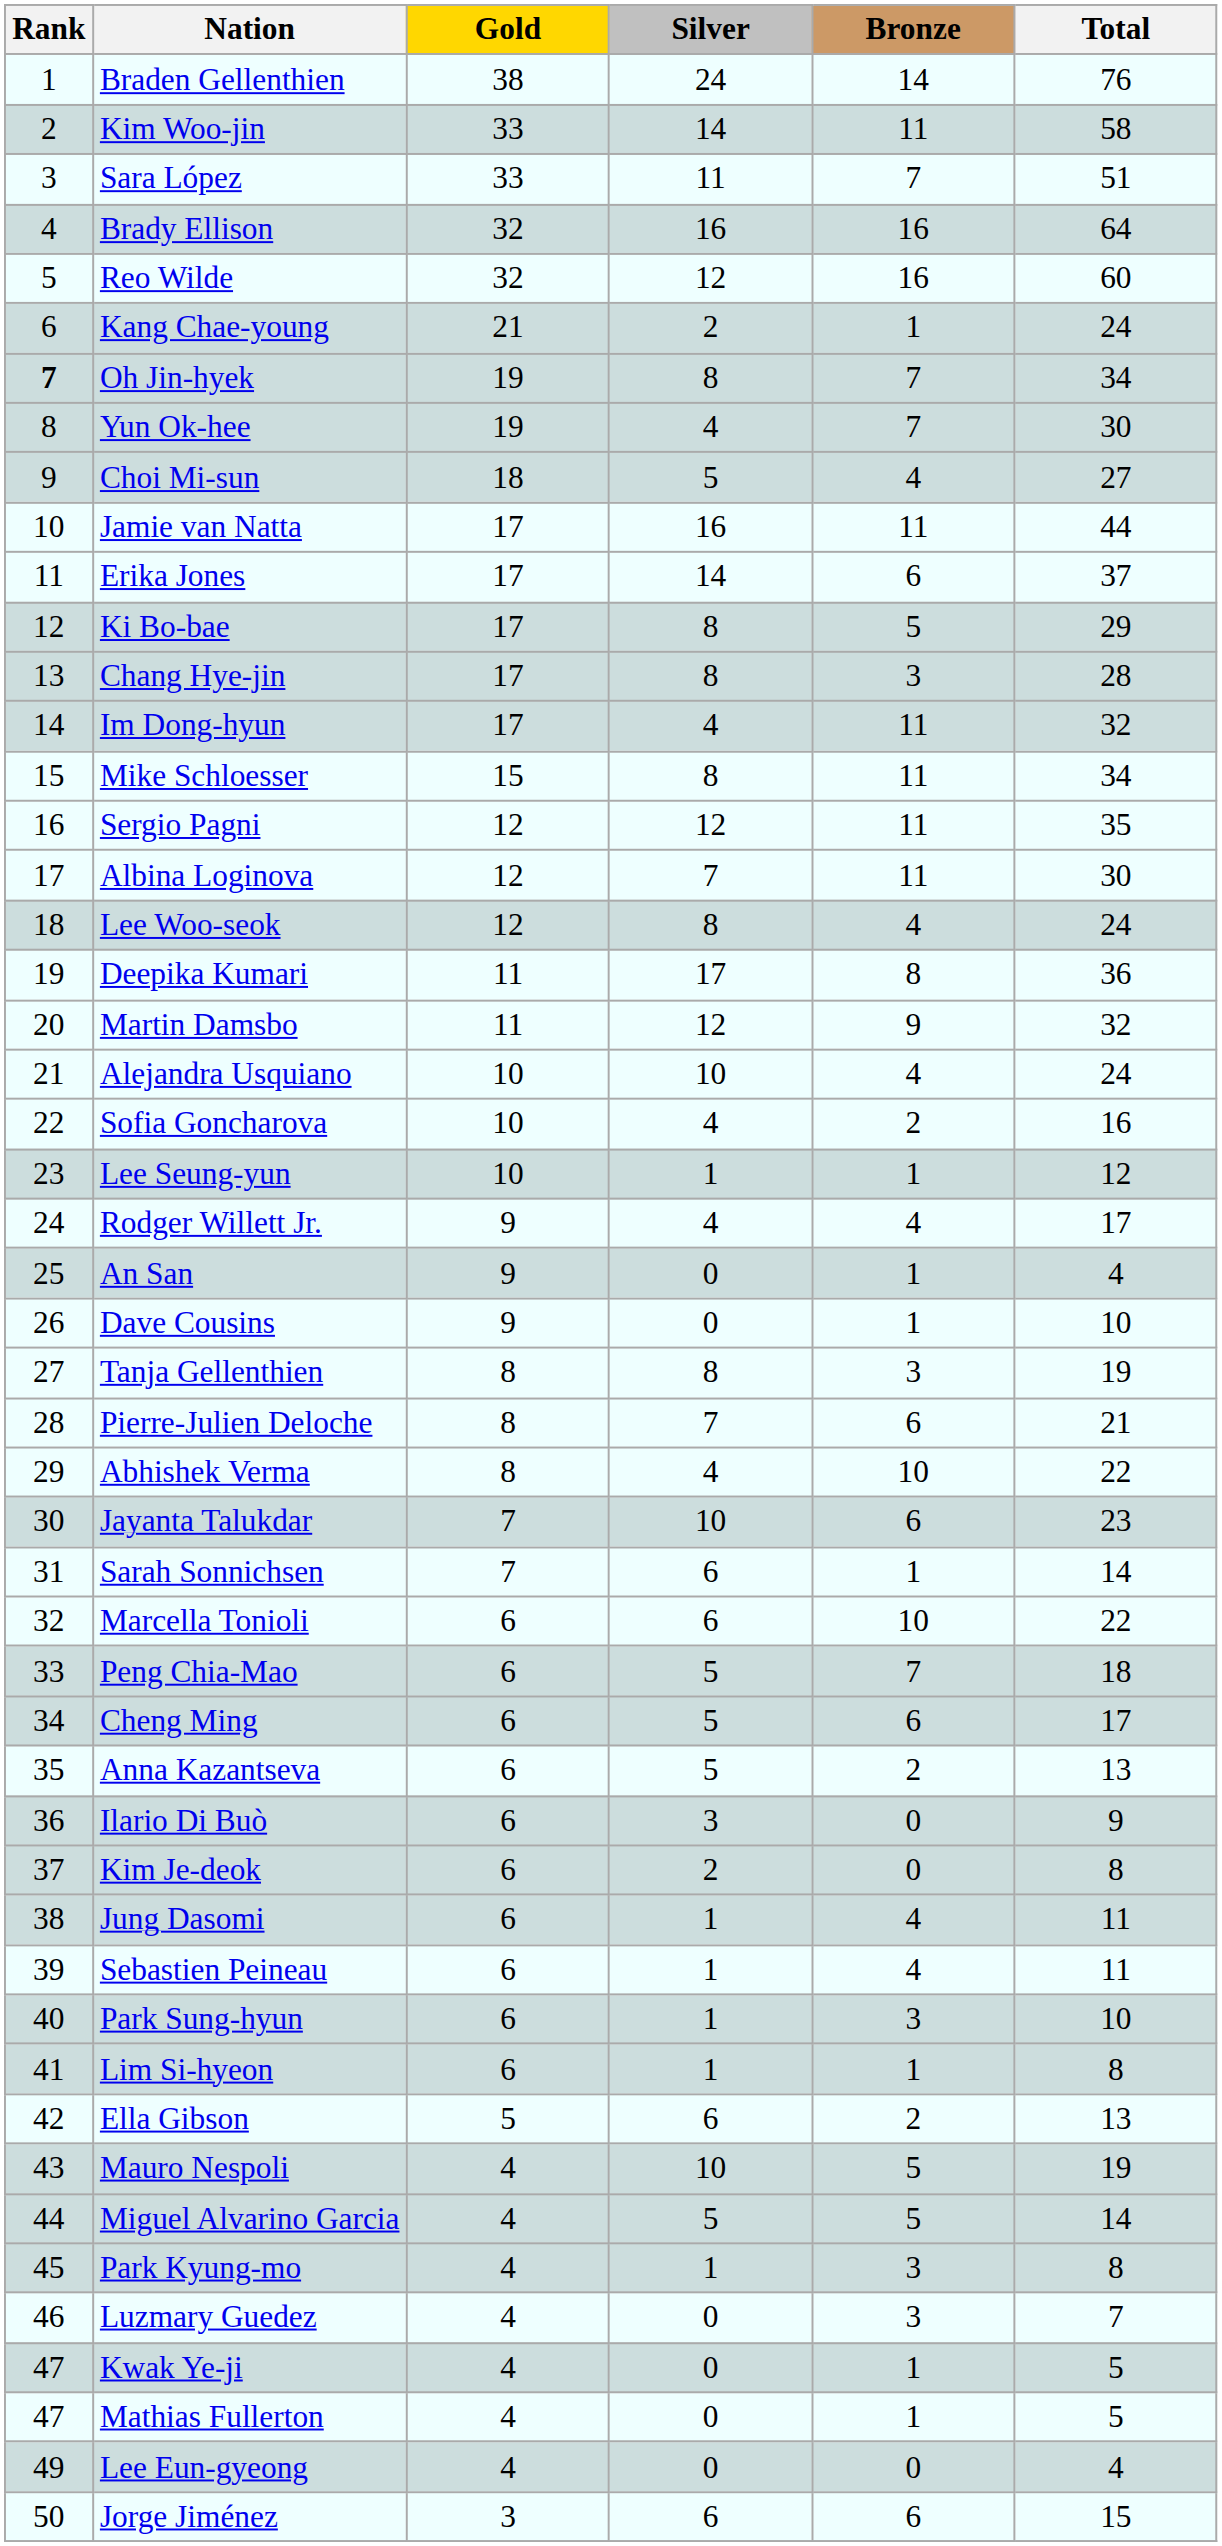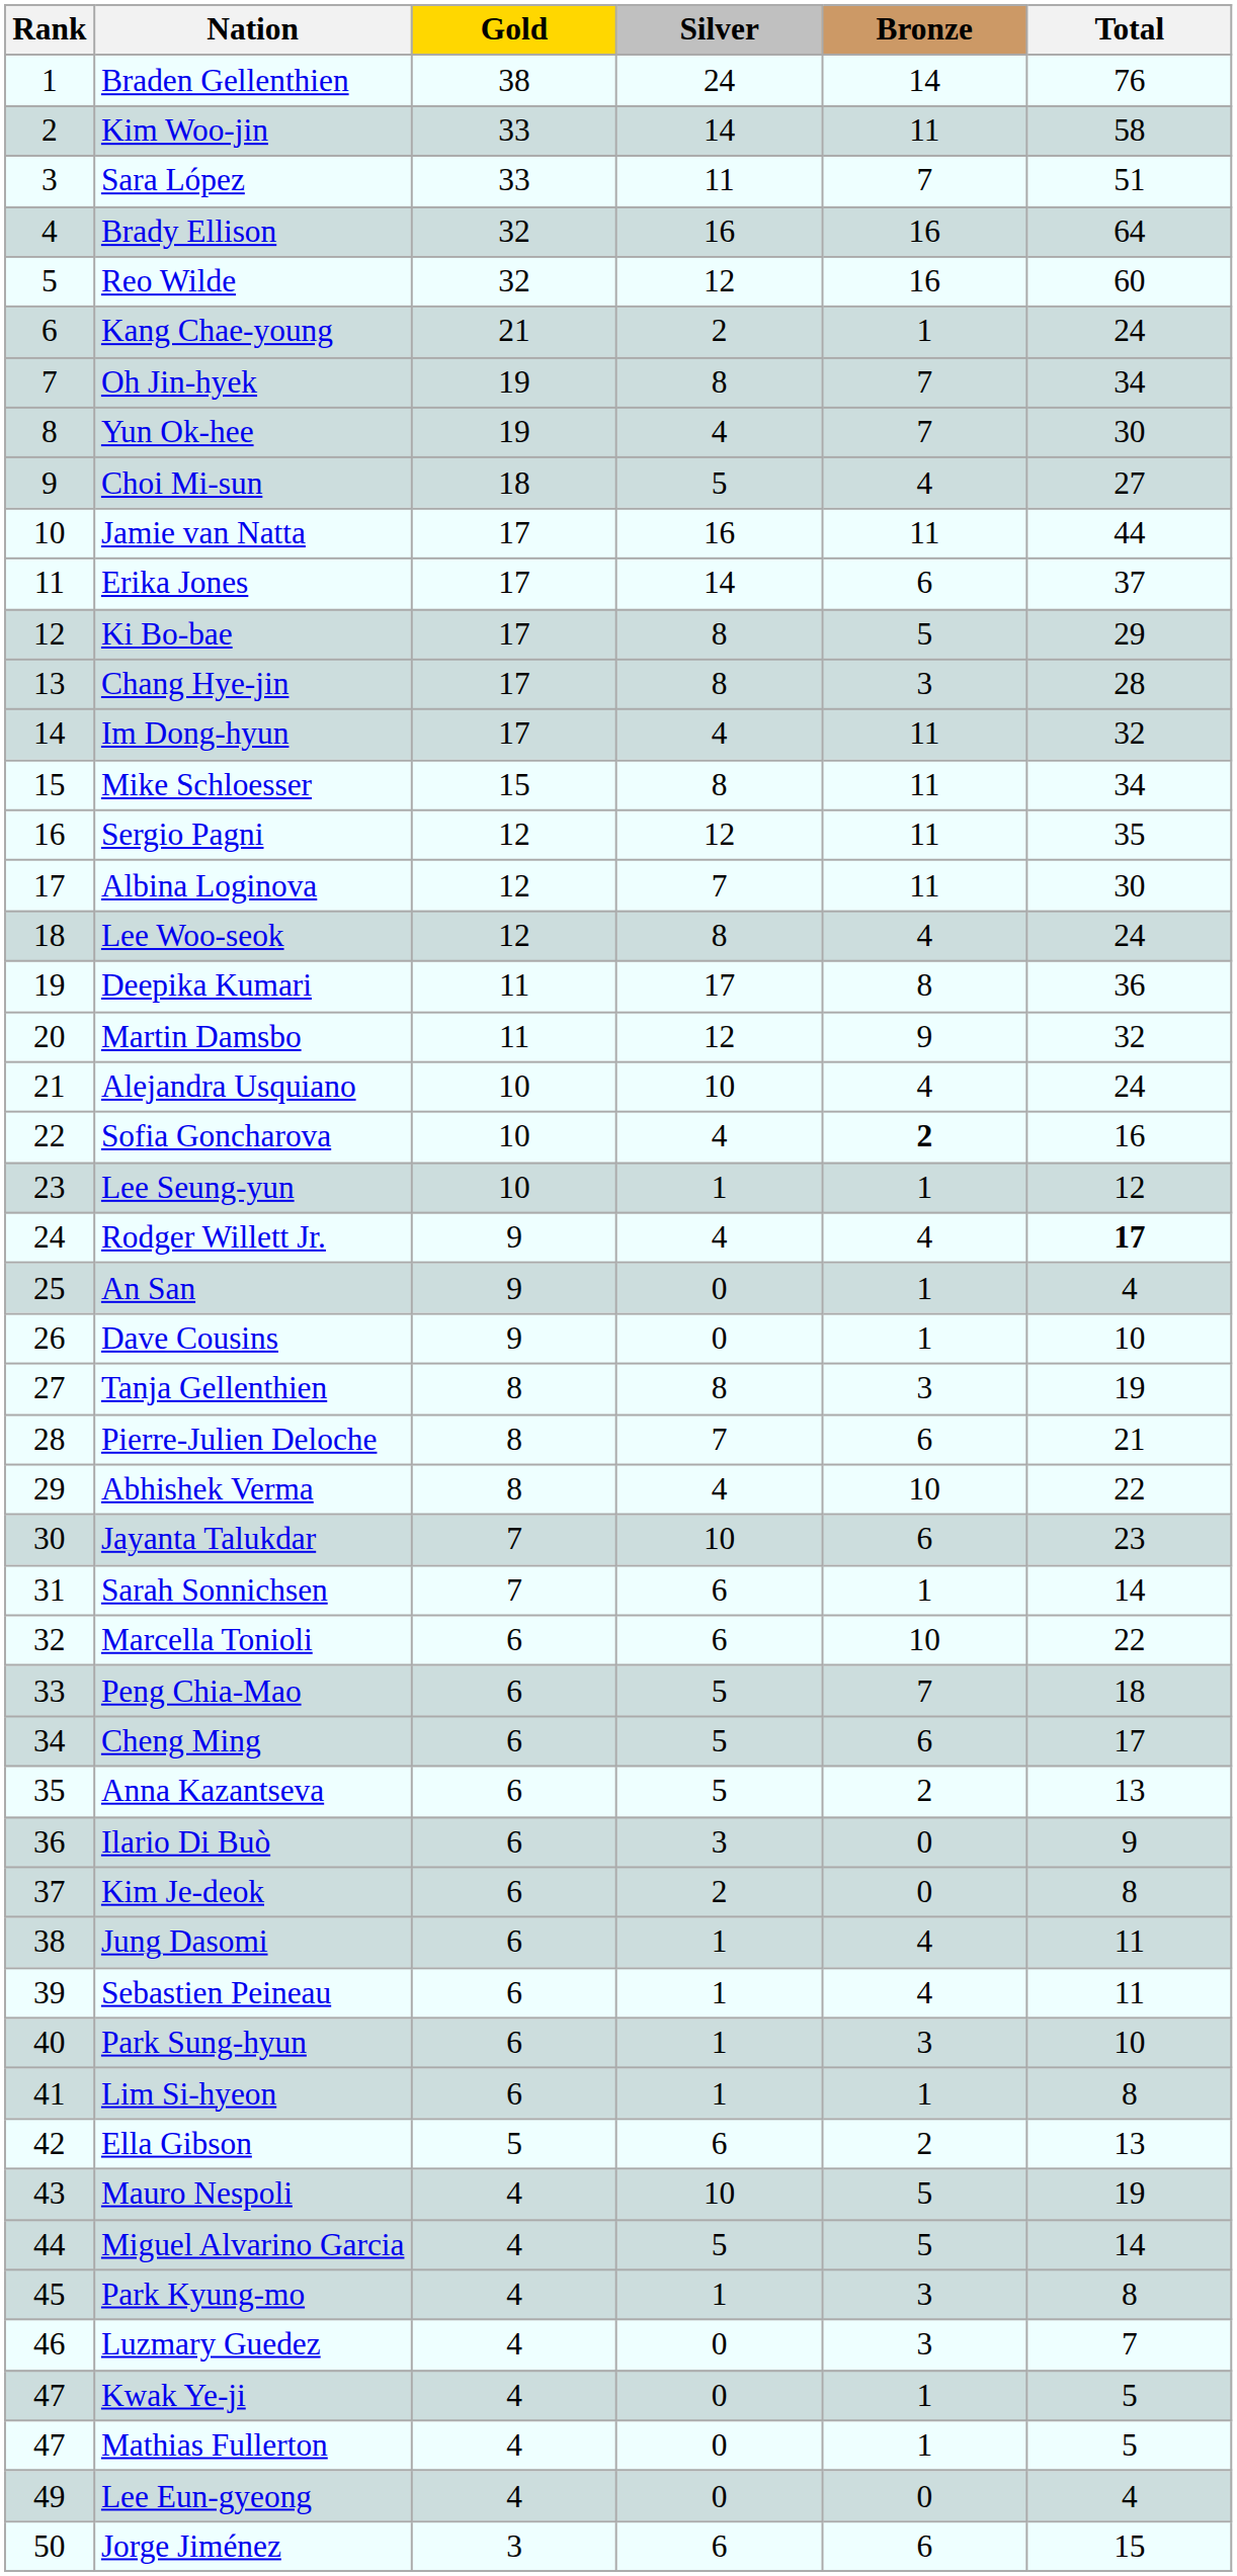 <table class="wikitable sortable plainrowheaders" style="text-align: center">
 <tr>
 <th>Rank</th>
 <th>Nation</th>
 <th style="background-color:gold; width:6em;">Gold</th>
 <th style="background-color:silver; width:6em;">Silver</th>
 <th style="background-color:#cc9966; width:6em;">Bronze</th>
 <th style="width:6em;">Total</th>
 </tr>
 <tr style="background:#eff;">
 <td>1</td>
 <td align=left> <a href='#'>Braden Gellenthien</a></td>
 <td>38</td>
 <td>24</td>
 <td>14</td>
 <td>76</td>
 </tr>
 <tr style="background:#cdd;">
 <td>2</td>
 <td align=left> <a href='#'>Kim Woo-jin</a></td>
 <td>33</td>
 <td>14</td>
 <td>11</td>
 <td>58</td>
 </tr>
 <tr style="background:#eff;">
 <td>3</td>
 <td align=left> <a href='#'>Sara López</a></td>
 <td>33</td>
 <td>11</td>
 <td>7</td>
 <td>51</td>
 </tr>
 <tr style="background:#cdd;">
 <td>4</td>
 <td align=left> <a href='#'>Brady Ellison</a></td>
 <td>32</td>
 <td>16</td>
 <td>16</td>
 <td>64</td>
 </tr>
 <tr style="background:#eff;">
 <td>5</td>
 <td align=left> <a href='#'>Reo Wilde</a></td>
 <td>32</td>
 <td>12</td>
 <td>16</td>
 <td>60</td>
 </tr>
 <tr style="background:#cdd;">
 <td>6</td>
 <td align=left> <a href='#'>Kang Chae-young</a></td>
 <td>21</td>
 <td>2</td>
 <td>1</td>
 <td>24</td>
 </tr>
 <tr style="background:#cdd;">
-<td><strong>7</strong></td>
+<td>7</td>
 <td align=left> <a href='#'>Oh Jin-hyek</a></td>
 <td>19</td>
 <td>8</td>
 <td>7</td>
 <td>34</td>
 </tr>
 <tr style="background:#cdd;">
 <td>8</td>
 <td align=left> <a href='#'>Yun Ok-hee</a></td>
 <td>19</td>
 <td>4</td>
 <td>7</td>
 <td>30</td>
 </tr>
 <tr style="background:#cdd;">
 <td>9</td>
 <td align=left> <a href='#'>Choi Mi-sun</a></td>
 <td>18</td>
 <td>5</td>
 <td>4</td>
 <td>27</td>
 </tr>
 <tr style="background:#eff;">
 <td>10</td>
 <td align=left> <a href='#'>Jamie van Natta</a></td>
 <td>17</td>
 <td>16</td>
 <td>11</td>
 <td>44</td>
 </tr>
 <tr style="background:#eff;">
 <td>11</td>
 <td align=left> <a href='#'>Erika Jones</a></td>
 <td>17</td>
 <td>14</td>
 <td>6</td>
 <td>37</td>
 </tr>
 <tr style="background:#cdd;">
 <td>12</td>
 <td align=left> <a href='#'>Ki Bo-bae</a></td>
 <td>17</td>
 <td>8</td>
 <td>5</td>
 <td>29</td>
 </tr>
 <tr style="background:#cdd;">
 <td>13</td>
 <td align=left> <a href='#'>Chang Hye-jin</a></td>
 <td>17</td>
 <td>8</td>
 <td>3</td>
 <td>28</td>
 </tr>
 <tr style="background:#cdd;">
 <td>14</td>
 <td align=left> <a href='#'>Im Dong-hyun</a></td>
 <td>17</td>
 <td>4</td>
 <td>11</td>
 <td>32</td>
 </tr>
 <tr style="background:#eff;">
 <td>15</td>
 <td align=left> <a href='#'>Mike Schloesser</a></td>
 <td>15</td>
 <td>8</td>
 <td>11</td>
 <td>34</td>
 </tr>
 <tr style="background:#eff;">
 <td>16</td>
 <td align=left> <a href='#'>Sergio Pagni</a></td>
 <td>12</td>
 <td>12</td>
 <td>11</td>
 <td>35</td>
 </tr>
 <tr style="background:#eff;">
 <td>17</td>
 <td align=left> <a href='#'>Albina Loginova</a></td>
 <td>12</td>
 <td>7</td>
 <td>11</td>
 <td>30</td>
 </tr>
 <tr style="background:#cdd;">
 <td>18</td>
 <td align=left> <a href='#'>Lee Woo-seok</a></td>
 <td>12</td>
 <td>8</td>
 <td>4</td>
 <td>24</td>
 </tr>
 <tr style="background:#eff;">
 <td>19</td>
 <td align=left> <a href='#'>Deepika Kumari</a></td>
 <td>11</td>
 <td>17</td>
 <td>8</td>
 <td>36</td>
 </tr>
 <tr style="background:#eff;">
 <td>20</td>
 <td align=left> <a href='#'>Martin Damsbo</a></td>
 <td>11</td>
 <td>12</td>
 <td>9</td>
 <td>32</td>
 </tr>
 <tr style="background:#eff;">
 <td>21</td>
 <td align=left> <a href='#'>Alejandra Usquiano</a></td>
 <td>10</td>
 <td>10</td>
 <td>4</td>
 <td>24</td>
 </tr>
 <tr style="background:#eff;">
 <td>22</td>
 <td align=left> <a href='#'>Sofia Goncharova</a></td>
 <td>10</td>
 <td>4</td>
-<td>2</td>
+<td><strong>2</strong></td>
 <td>16</td>
 </tr>
 <tr style="background:#cdd;">
 <td>23</td>
 <td align=left> <a href='#'>Lee Seung-yun</a></td>
 <td>10</td>
 <td>1</td>
 <td>1</td>
 <td>12</td>
 </tr>
 <tr style="background:#eff;">
 <td>24</td>
 <td align=left> <a href='#'>Rodger Willett Jr.</a></td>
 <td>9</td>
 <td>4</td>
 <td>4</td>
-<td>17</td>
+<td><strong>17</strong></td>
 </tr>
 <tr style="background:#cdd;">
 <td>25</td>
 <td align=left> <a href='#'>An San</a></td>
 <td>9</td>
 <td>0</td>
 <td>1</td>
 <td>4</td>
 </tr>
 <tr style="background:#eff;">
 <td>26</td>
 <td align=left> <a href='#'>Dave Cousins</a></td>
 <td>9</td>
 <td>0</td>
 <td>1</td>
 <td>10</td>
 </tr>
 <tr style="background:#eff;">
 <td>27</td>
 <td align=left> <a href='#'>Tanja Gellenthien</a></td>
 <td>8</td>
 <td>8</td>
 <td>3</td>
 <td>19</td>
 </tr>
 <tr style="background:#eff;">
 <td>28</td>
 <td align=left> <a href='#'>Pierre-Julien Deloche</a></td>
 <td>8</td>
 <td>7</td>
 <td>6</td>
 <td>21</td>
 </tr>
 <tr style="background:#eff;">
 <td>29</td>
 <td align=left> <a href='#'>Abhishek Verma</a></td>
 <td>8</td>
 <td>4</td>
 <td>10</td>
 <td>22</td>
 </tr>
 <tr style="background:#cdd;">
 <td>30</td>
 <td align=left> <a href='#'>Jayanta Talukdar</a></td>
 <td>7</td>
 <td>10</td>
 <td>6</td>
 <td>23</td>
 </tr>
 <tr style="background:#eff;">
 <td>31</td>
 <td align=left> <a href='#'>Sarah Sonnichsen</a></td>
 <td>7</td>
 <td>6</td>
 <td>1</td>
 <td>14</td>
 </tr>
 <tr style="background:#eff;">
 <td>32</td>
 <td align=left> <a href='#'>Marcella Tonioli</a></td>
 <td>6</td>
 <td>6</td>
 <td>10</td>
 <td>22</td>
 </tr>
 <tr style="background:#cdd;">
 <td>33</td>
 <td align=left> <a href='#'>Peng Chia-Mao</a></td>
 <td>6</td>
 <td>5</td>
 <td>7</td>
 <td>18</td>
 </tr>
 <tr style="background:#cdd;">
 <td>34</td>
 <td align=left> <a href='#'>Cheng Ming</a></td>
 <td>6</td>
 <td>5</td>
 <td>6</td>
 <td>17</td>
 </tr>
 <tr style="background:#eff;">
 <td>35</td>
 <td align=left> <a href='#'>Anna Kazantseva</a></td>
 <td>6</td>
 <td>5</td>
 <td>2</td>
 <td>13</td>
 </tr>
 <tr style="background:#cdd;">
 <td>36</td>
 <td align=left> <a href='#'>Ilario Di Buò</a></td>
 <td>6</td>
 <td>3</td>
 <td>0</td>
 <td>9</td>
 </tr>
 <tr style="background:#cdd;">
 <td>37</td>
 <td align=left> <a href='#'>Kim Je-deok</a></td>
 <td>6</td>
 <td>2</td>
 <td>0</td>
 <td>8</td>
 </tr>
 <tr style="background:#cdd;">
 <td>38</td>
 <td align=left> <a href='#'>Jung Dasomi</a></td>
 <td>6</td>
 <td>1</td>
 <td>4</td>
 <td>11</td>
 </tr>
 <tr style="background:#eff;">
 <td>39</td>
 <td align=left> <a href='#'>Sebastien Peineau</a></td>
 <td>6</td>
 <td>1</td>
 <td>4</td>
 <td>11</td>
 </tr>
 <tr style="background:#cdd;">
 <td>40</td>
 <td align=left> <a href='#'>Park Sung-hyun</a></td>
 <td>6</td>
 <td>1</td>
 <td>3</td>
 <td>10</td>
 </tr>
 <tr style="background:#cdd;">
 <td>41</td>
 <td align=left> <a href='#'>Lim Si-hyeon</a></td>
 <td>6</td>
 <td>1</td>
 <td>1</td>
 <td>8</td>
 </tr>
 <tr style="background:#eff;">
 <td>42</td>
 <td align=left> <a href='#'>Ella Gibson</a></td>
 <td>5</td>
 <td>6</td>
 <td>2</td>
 <td>13</td>
 </tr>
 <tr style="background:#cdd;">
 <td>43</td>
 <td align=left> <a href='#'>Mauro Nespoli</a></td>
 <td>4</td>
 <td>10</td>
 <td>5</td>
 <td>19</td>
 </tr>
 <tr style="background:#cdd;">
 <td>44</td>
 <td align=left> <a href='#'>Miguel Alvarino Garcia</a></td>
 <td>4</td>
 <td>5</td>
 <td>5</td>
 <td>14</td>
 </tr>
 <tr style="background:#cdd;">
 <td>45</td>
 <td align=left> <a href='#'>Park Kyung-mo</a></td>
 <td>4</td>
 <td>1</td>
 <td>3</td>
 <td>8</td>
 </tr>
 <tr style="background:#eff;">
 <td>46</td>
 <td align=left> <a href='#'>Luzmary Guedez</a></td>
 <td>4</td>
 <td>0</td>
 <td>3</td>
 <td>7</td>
 </tr>
 <tr style="background:#cdd;">
 <td>47</td>
 <td align=left> <a href='#'>Kwak Ye-ji</a></td>
 <td>4</td>
 <td>0</td>
 <td>1</td>
 <td>5</td>
 </tr>
 <tr style="background:#eff;">
 <td>47</td>
 <td align=left> <a href='#'>Mathias Fullerton</a></td>
 <td>4</td>
 <td>0</td>
 <td>1</td>
 <td>5</td>
 </tr>
 <tr style="background:#cdd;">
 <td>49</td>
 <td align=left> <a href='#'>Lee Eun-gyeong</a></td>
 <td>4</td>
 <td>0</td>
 <td>0</td>
 <td>4</td>
 </tr>
 <tr style="background:#eff;">
 <td>50</td>
 <td align=left> <a href='#'>Jorge Jiménez</a></td>
 <td>3</td>
 <td>6</td>
 <td>6</td>
 <td>15</td>
 </tr>
 <tr>
 </tr>
 </table>
